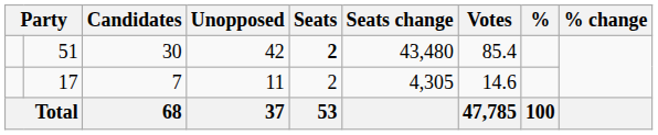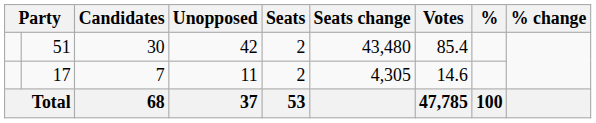 <table class="wikitable sortable">
 <tr>
 <th colspan=2>Party</th>
 <th>Candidates</th>
 <th>Unopposed</th>
 <th>Seats</th>
 <th>Seats change</th>
 <th>Votes</th>
 <th>%</th>
 <th>% change</th>
 </tr>
 <tr>
 <td></td>
 <td align=right>51</td>
 <td align=right>30</td>
 <td align=right>42</td>
-<td align=right><strong>2</strong></td>
+<td align=right>2</td>
 <td align=right>43,480</td>
 <td align=right>85.4</td>
 <td align=right></td>
 </tr>
 <tr>
 <td></td>
 <td align=right>17</td>
 <td align=right>7</td>
 <td align=right>11</td>
 <td align=right>2</td>
 <td align=right>4,305</td>
 <td align=right>14.6</td>
 <td align=right></td>
 </tr>
 <tr class="sortbottom" style="font-weight: bold; text-align: right; background: #f2f2f2;">
 <th colspan="2" style="padding-left: 1.5em; text-align: left;">Total</th>
 <td align=right>68</td>
 <td align=right>37</td>
 <td align=right>53</td>
 <td align=right></td>
 <td align=right>47,785</td>
 <td align=right>100</td>
 <td align=right></td>
 </tr>
 </table>
